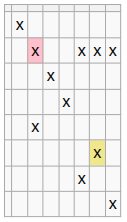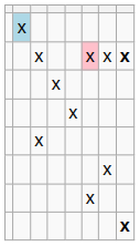 <table class="wikitable floatright" style="text-align: center">
 <tr>
 <th></th>
 <th></th>
 <th></th>
 <th></th>
 <th></th>
 <th></th>
 <th></th>
 <th></th>
 </tr>
 <tr>
 <td></td>
-<td>x</td>
+<td style="background: lightblue;">x</td>
 <td></td>
 <td></td>
 <td></td>
 <td></td>
 <td></td>
 <td></td>
 </tr>
 <tr>
 <td></td>
 <td></td>
-<td style="background: pink;">x</td>
+<td>x</td>
 <td></td>
 <td></td>
+<td style="background: pink;">x</td>
 <td>x</td>
-<td>x</td>
-<td>x</td>
+<td><strong>x</strong></td>
 </tr>
 <tr>
 <td></td>
 <td></td>
 <td></td>
 <td>x</td>
 <td></td>
 <td></td>
 <td></td>
 <td></td>
 </tr>
 <tr>
 <td></td>
 <td></td>
 <td></td>
 <td></td>
 <td>x</td>
 <td></td>
 <td></td>
 <td></td>
 </tr>
 <tr>
 <td></td>
 <td></td>
 <td>x</td>
 <td></td>
 <td></td>
 <td></td>
 <td></td>
 <td></td>
 </tr>
 <tr>
 <td></td>
 <td></td>
 <td></td>
 <td></td>
 <td></td>
 <td></td>
-<td style="background: khaki;">x</td>
+<td>x</td>
 <td></td>
 </tr>
 <tr>
 <td></td>
 <td></td>
 <td></td>
 <td></td>
 <td></td>
 <td>x</td>
 <td></td>
 <td></td>
 </tr>
 <tr>
 <td></td>
 <td></td>
 <td></td>
 <td></td>
 <td></td>
 <td></td>
 <td></td>
-<td>x</td>
+<td><strong>x</strong></td>
 </tr>
 </table>
